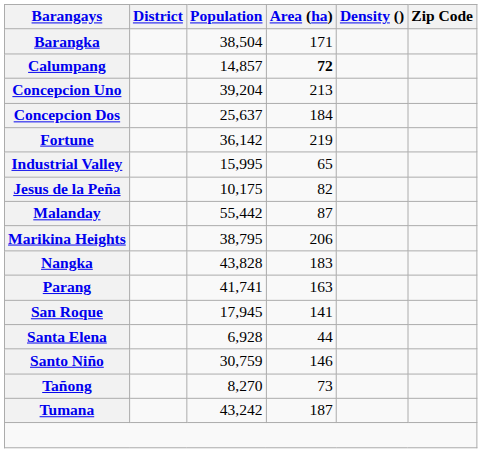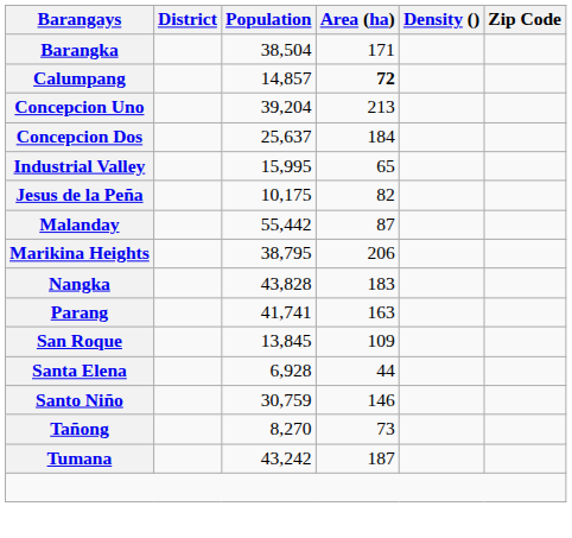 <table class="wikitable sortable plainrowheaders" style="text-align:right;">
 <tr>
 <th scope="col"><a href='#'>Barangays</a></th>
 <th scope="col"><a href='#'>District</a></th>
 <th scope="col"><a href='#'>Population</a></th>
 <th scope="col"><a href='#'>Area</a> (<a href='#'>ha</a>)</th>
 <th scope="col"><a href='#'>Density</a> ()</th>
 <th scope="col">Zip Code</th>
 </tr>
 <tr>
 <th scope="row"><a href='#'>Barangka</a></th>
 <td></td>
 <td>38,504</td>
 <td>171</td>
 <td></td>
 <td></td>
 </tr>
 <tr>
 <th scope="row"><a href='#'>Calumpang</a></th>
 <td></td>
 <td>14,857</td>
 <td><strong>72</strong></td>
 <td></td>
 <td></td>
 </tr>
 <tr>
 <th scope="row"><a href='#'>Concepcion Uno</a></th>
 <td></td>
 <td>39,204</td>
 <td>213</td>
 <td></td>
 <td></td>
 </tr>
 <tr>
 <th scope="row"><a href='#'>Concepcion Dos</a></th>
 <td></td>
 <td>25,637</td>
 <td>184</td>
-<td></td>
-<td></td>
-</tr>
-<tr>
-<th scope="row"><a href='#'>Fortune</a></th>
-<td></td>
-<td>36,142</td>
-<td>219</td>
 <td></td>
 <td></td>
 </tr>
 <tr>
 <th scope="row"><a href='#'>Industrial Valley</a></th>
 <td></td>
 <td>15,995</td>
 <td>65</td>
 <td></td>
 <td></td>
 </tr>
 <tr>
 <th scope="row"><a href='#'>Jesus de la Peña</a></th>
 <td></td>
 <td>10,175</td>
 <td>82</td>
 <td></td>
 <td></td>
 </tr>
 <tr>
 <th scope="row"><a href='#'>Malanday</a></th>
 <td></td>
 <td>55,442</td>
 <td>87</td>
 <td></td>
 <td></td>
 </tr>
 <tr>
 <th scope="row"><a href='#'>Marikina Heights</a></th>
 <td></td>
 <td>38,795</td>
 <td>206</td>
 <td></td>
 <td></td>
 </tr>
 <tr>
 <th scope="row"><a href='#'>Nangka</a></th>
 <td></td>
 <td>43,828</td>
 <td>183</td>
 <td></td>
 <td></td>
 </tr>
 <tr>
 <th scope="row"><a href='#'>Parang</a></th>
 <td></td>
 <td>41,741</td>
 <td>163</td>
 <td></td>
 <td></td>
 </tr>
 <tr>
 <th scope="row"><a href='#'>San Roque</a></th>
 <td></td>
-<td>17,945</td>
-<td>141</td>
+<td>13,845</td>
+<td>109</td>
 <td></td>
 <td></td>
 </tr>
 <tr>
 <th scope="row"><a href='#'>Santa Elena</a></th>
 <td></td>
 <td>6,928</td>
 <td>44</td>
 <td></td>
 <td></td>
 </tr>
 <tr>
 <th scope="row"><a href='#'>Santo Niño</a></th>
 <td></td>
 <td>30,759</td>
 <td>146</td>
 <td></td>
 <td></td>
 </tr>
 <tr>
 <th scope="row"><a href='#'>Tañong</a></th>
 <td></td>
 <td>8,270</td>
 <td>73</td>
 <td></td>
 <td></td>
 </tr>
 <tr>
 <th scope="row"><a href='#'>Tumana</a></th>
 <td></td>
 <td>43,242</td>
 <td>187</td>
 <td></td>
 <td></td>
 </tr>
 <tr class="sortbottom">
 <td colspan="6"><br></td>
 </tr>
 </table>
